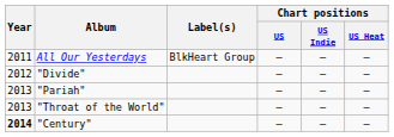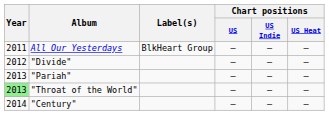 <table class="wikitable">
 <tr>
 <th rowspan="2">Year</th>
 <th rowspan="2">Album</th>
 <th rowspan="2">Label(s)</th>
 <th colspan="3">Chart positions</th>
 </tr>
 <tr>
 <th width="50"><small><a href='#'>US</a></small></th>
 <th width="50"><small><a href='#'>US Indie</a></small></th>
 <th width="50"><small><a href='#'>US Heat</a></small></th>
 </tr>
 <tr>
 <td>2011</td>
 <td><em><a href='#'>All Our Yesterdays</a></em></td>
 <td rowspan="1">BlkHeart Group</td>
 <td align="center">—</td>
 <td align="center">—</td>
 <td align="center">—</td>
 </tr>
 <tr>
 <td>2012</td>
 <td>"Divide"</td>
 <td></td>
 <td align="center">—</td>
 <td align="center">—</td>
 <td align="center">—</td>
 </tr>
 <tr>
 <td>2013</td>
 <td>"Pariah"</td>
 <td></td>
 <td align="center">—</td>
 <td align="center">—</td>
 <td align="center">—</td>
 </tr>
 <tr>
-<td>2013</td>
+<td style="background: lightgreen;">2013</td>
 <td>"Throat of the World"</td>
 <td></td>
 <td align="center">—</td>
 <td align="center">—</td>
 <td align="center">—</td>
 </tr>
 <tr>
-<td><strong>2014</strong></td>
+<td>2014</td>
 <td>"Century"</td>
 <td></td>
 <td align="center">—</td>
 <td align="center">—</td>
 <td align="center">—</td>
 </tr>
 </table>
